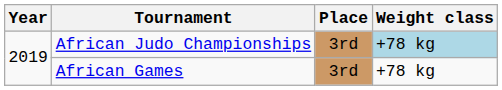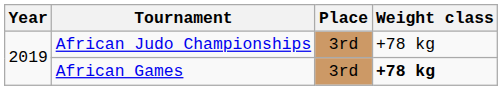 <table class=wikitable>
 <tr>
 <th>Year</th>
 <th>Tournament</th>
 <th>Place</th>
 <th>Weight class</th>
 </tr>
 <tr>
 <td rowspan=2>2019</td>
 <td><a href='#'>African Judo Championships</a></td>
 <td bgcolor="cc9966" align="center">3rd</td>
-<td style="background: lightblue;">+78 kg</td>
+<td>+78 kg</td>
 </tr>
 <tr>
 <td><a href='#'>African Games</a></td>
 <td bgcolor="cc9966" align="center">3rd</td>
-<td>+78 kg</td>
+<td><strong>+78 kg</strong></td>
 </tr>
 </table>
